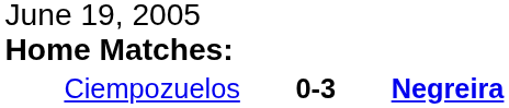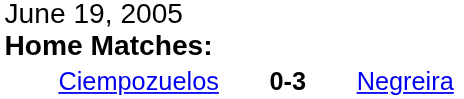 <table width=100% cellspacing=1>
 <tr>
 <th width=20%></th>
 <th width=12%></th>
 <th width=20%></th>
 <th></th>
 </tr>
 <tr>
 <td>June 19, 2005<br><strong>Home Matches:</strong></td>
 </tr>
 <tr style=font-size:90%>
 <td align=right><a href='#'>Ciempozuelos</a></td>
 <td align=center><strong>0-3</strong></td>
-<td><strong><a href='#'>Negreira</a></strong></td>
+<td><a href='#'>Negreira</a></td>
 </tr>
 </table>
